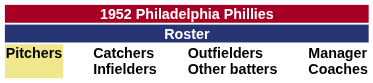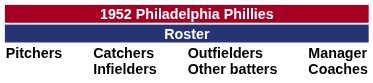 <table class="toccolours" style="font-size: 95%;">
 <tr>
 <th colspan="10" style="background-color: #A50024; color: white; text-align: center;">1952 Philadelphia Phillies</th>
 </tr>
 <tr>
 <td colspan="10" style="background-color: #263473; color: white; text-align: center;"><strong>Roster</strong></td>
 </tr>
 <tr>
-<td valign="top" style="background: khaki;"><strong>Pitchers</strong><br>             </td>
+<td valign="top"><strong>Pitchers</strong><br>             </td>
 <td width="25px"></td>
 <td valign="top"><strong>Catchers</strong><br>  <strong>Infielders</strong>         </td>
 <td width="25px"></td>
 <td valign="top"><strong>Outfielders</strong><br>      <strong>Other batters</strong> </td>
 <td width="25px"></td>
 <td valign="top"><strong>Manager</strong><br>  <strong>Coaches</strong>      </td>
 </tr>
 <tr>
 </tr>
 </table>
